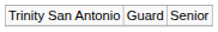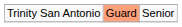 <table class="wikitable">
 <tr align=center>
 </tr>
 <tr>
 <td>Trinity San Antonio</td>
-<td>Guard</td>
+<td style="background: lightsalmon;">Guard</td>
 <td>Senior</td>
 </tr>
 <tr>
 </tr>
 </table>
